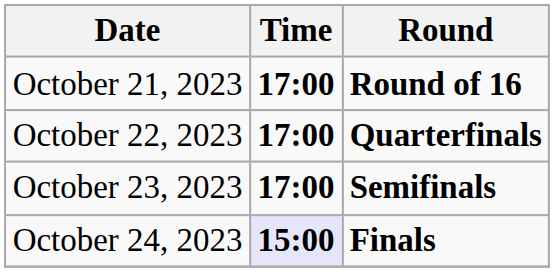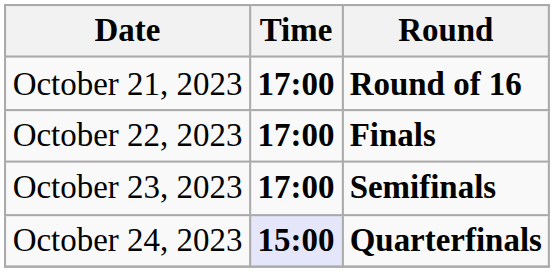 <table class="wikitable">
 <tr>
 <th>Date</th>
 <th>Time</th>
 <th>Round</th>
 </tr>
 <tr>
 <td>October 21, 2023</td>
 <td><strong>17:00</strong></td>
 <td><strong>Round of 16</strong></td>
 </tr>
 <tr>
 <td>October 22, 2023</td>
 <td><strong>17:00</strong></td>
-<td><strong>Quarterfinals</strong></td>
+<td><strong>Finals</strong></td>
 </tr>
 <tr>
 <td>October 23, 2023</td>
 <td><strong>17:00</strong></td>
 <td><strong>Semifinals</strong></td>
 </tr>
 <tr>
 <td>October 24, 2023</td>
 <td style="background: lavender;"><strong>15:00</strong></td>
-<td><strong>Finals</strong></td>
+<td><strong>Quarterfinals</strong></td>
 </tr>
 <tr>
 </tr>
 </table>
